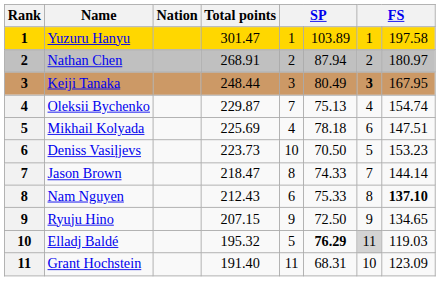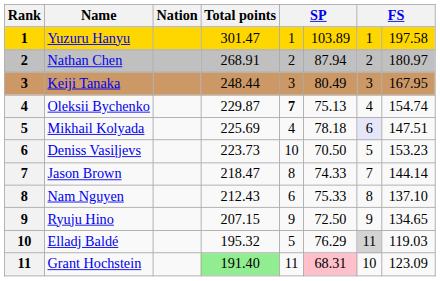 <table class="wikitable sortable">
 <tr>
 <th>Rank</th>
 <th>Name</th>
 <th>Nation</th>
 <th>Total points</th>
 <th colspan="2" width="80px"><a href='#'>SP</a></th>
 <th colspan="2" width="80px"><a href='#'>FS</a></th>
 </tr>
 <tr bgcolor="gold">
 <td align="center"><strong>1</strong></td>
 <td><a href='#'>Yuzuru Hanyu</a></td>
 <td></td>
 <td align="center">301.47</td>
 <td align="center">1</td>
 <td align="center">103.89</td>
 <td align="center">1</td>
 <td align="center">197.58</td>
 </tr>
 <tr bgcolor="silver">
 <td align="center"><strong>2</strong></td>
 <td><a href='#'>Nathan Chen</a></td>
 <td></td>
 <td align="center">268.91</td>
 <td align="center">2</td>
 <td align="center">87.94</td>
 <td align="center">2</td>
 <td align="center">180.97</td>
 </tr>
 <tr bgcolor="cc9966">
 <td align="center"><strong>3</strong></td>
 <td><a href='#'>Keiji Tanaka</a></td>
 <td></td>
 <td align="center">248.44</td>
 <td align="center">3</td>
 <td align="center">80.49</td>
-<td align="center"><strong>3</strong></td>
+<td align="center">3</td>
 <td align="center">167.95</td>
 </tr>
 <tr>
 <th>4</th>
 <td><a href='#'>Oleksii Bychenko</a></td>
 <td></td>
 <td align="center">229.87</td>
-<td align="center">7</td>
+<td align="center"><strong>7</strong></td>
 <td align="center">75.13</td>
 <td align="center">4</td>
 <td align="center">154.74</td>
 </tr>
 <tr>
 <th>5</th>
 <td><a href='#'>Mikhail Kolyada</a></td>
 <td></td>
 <td align="center">225.69</td>
 <td align="center">4</td>
 <td align="center">78.18</td>
-<td align="center">6</td>
+<td align="center" style="background: lavender;">6</td>
 <td align="center">147.51</td>
 </tr>
 <tr>
 <th>6</th>
 <td><a href='#'>Deniss Vasiļjevs</a></td>
 <td></td>
 <td align="center">223.73</td>
 <td align="center">10</td>
 <td align="center">70.50</td>
 <td align="center">5</td>
 <td align="center">153.23</td>
 </tr>
 <tr>
 <th>7</th>
 <td><a href='#'>Jason Brown</a></td>
 <td></td>
 <td align="center">218.47</td>
 <td align="center">8</td>
 <td align="center">74.33</td>
 <td align="center">7</td>
 <td align="center">144.14</td>
 </tr>
 <tr>
 <th>8</th>
 <td><a href='#'>Nam Nguyen</a></td>
 <td></td>
 <td align="center">212.43</td>
 <td align="center">6</td>
 <td align="center">75.33</td>
 <td align="center">8</td>
-<td align="center"><strong>137.10</strong></td>
+<td align="center">137.10</td>
 </tr>
 <tr>
 <th>9</th>
 <td><a href='#'>Ryuju Hino</a></td>
 <td></td>
 <td align="center">207.15</td>
 <td align="center">9</td>
 <td align="center">72.50</td>
 <td align="center">9</td>
 <td align="center">134.65</td>
 </tr>
 <tr>
 <th>10</th>
 <td><a href='#'>Elladj Baldé</a></td>
 <td></td>
 <td align="center">195.32</td>
 <td align="center">5</td>
-<td align="center"><strong>76.29</strong></td>
+<td align="center">76.29</td>
 <td align="center" style="background: lightgrey;">11</td>
 <td align="center">119.03</td>
 </tr>
 <tr>
 <th>11</th>
 <td><a href='#'>Grant Hochstein</a></td>
 <td></td>
-<td align="center">191.40</td>
+<td align="center" style="background: lightgreen;">191.40</td>
 <td align="center">11</td>
-<td align="center">68.31</td>
+<td align="center" style="background: pink;">68.31</td>
 <td align="center">10</td>
 <td align="center">123.09</td>
 </tr>
 </table>
